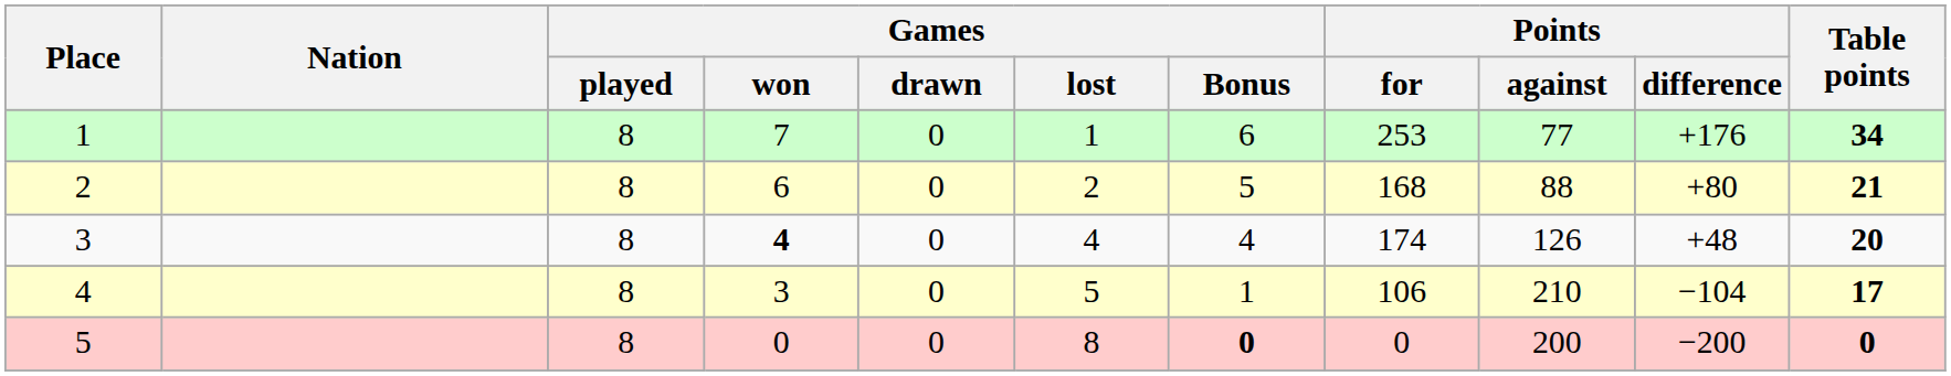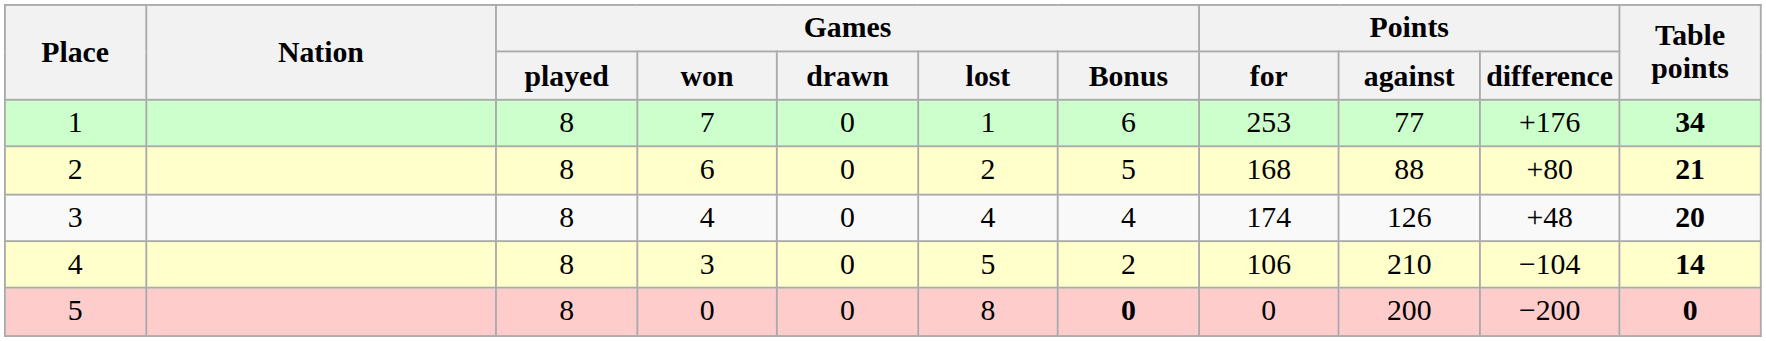 <table class="wikitable">
 <tr>
 <th rowspan=2 width="8%">Place</th>
 <th rowspan=2 width="20%">Nation</th>
 <th colspan=5 width="40%">Games</th>
 <th colspan=3 width="24%">Points</th>
 <th rowspan=2 width="10%">Table<br>points</th>
 </tr>
 <tr>
 <th width="8%">played</th>
 <th width="8%">won</th>
 <th width="8%">drawn</th>
 <th width="8%">lost</th>
 <th width="8%">Bonus</th>
 <th width="8%">for</th>
 <th width="8%">against</th>
 <th width="8%">difference</th>
 </tr>
 <tr align=center bgcolor="#ccffcc">
 <td>1</td>
 <td align=left></td>
 <td>8</td>
 <td>7</td>
 <td>0</td>
 <td>1</td>
 <td>6</td>
 <td>253</td>
 <td>77</td>
 <td>+176</td>
 <td><strong>34</strong></td>
 </tr>
 <tr align=center bgcolor="#ffffcc">
 <td>2</td>
 <td align=left></td>
 <td>8</td>
 <td>6</td>
 <td>0</td>
 <td>2</td>
 <td>5</td>
 <td>168</td>
 <td>88</td>
 <td>+80</td>
 <td><strong>21</strong></td>
 </tr>
 <tr align=center>
 <td>3</td>
 <td align=left></td>
 <td>8</td>
-<td><strong>4</strong></td>
+<td>4</td>
 <td>0</td>
 <td>4</td>
 <td>4</td>
 <td>174</td>
 <td>126</td>
 <td>+48</td>
 <td><strong>20</strong></td>
 </tr>
 <tr align=center bgcolor="#ffffcc">
 <td>4</td>
 <td align=left></td>
 <td>8</td>
 <td>3</td>
 <td>0</td>
 <td>5</td>
-<td>1</td>
+<td>2</td>
 <td>106</td>
 <td>210</td>
 <td>−104</td>
-<td><strong>17</strong></td>
+<td><strong>14</strong></td>
 </tr>
 <tr align=center bgcolor="#ffcccc">
 <td>5</td>
 <td align=left></td>
 <td>8</td>
 <td>0</td>
 <td>0</td>
 <td>8</td>
 <td><strong>0</strong></td>
 <td>0</td>
 <td>200</td>
 <td>−200</td>
 <td><strong>0</strong></td>
 </tr>
 </table>
